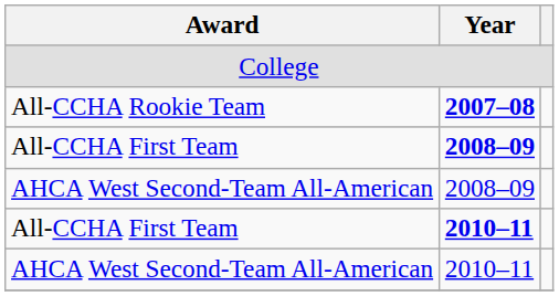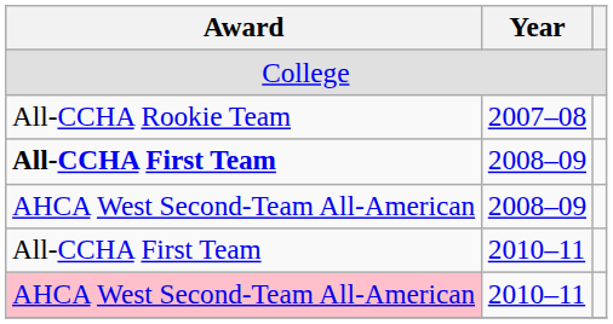 <table class="wikitable">
 <tr>
 <th>Award</th>
 <th>Year</th>
 <th></th>
 </tr>
 <tr ALIGN="center" bgcolor="#e0e0e0">
 <td colspan="3"><a href='#'>College</a></td>
 </tr>
 <tr>
 <td>All-<a href='#'>CCHA</a> <a href='#'>Rookie Team</a></td>
-<td><strong><a href='#'>2007–08</a></strong></td>
+<td><a href='#'>2007–08</a></td>
 <td></td>
 </tr>
 <tr>
-<td>All-<a href='#'>CCHA</a> <a href='#'>First Team</a></td>
-<td><strong><a href='#'>2008–09</a></strong></td>
+<td><strong>All-<a href='#'>CCHA</a> <a href='#'>First Team</a></strong></td>
+<td><a href='#'>2008–09</a></td>
 <td></td>
 </tr>
 <tr>
 <td><a href='#'>AHCA</a> <a href='#'>West Second-Team All-American</a></td>
 <td><a href='#'>2008–09</a></td>
 <td></td>
 </tr>
 <tr>
 <td>All-<a href='#'>CCHA</a> <a href='#'>First Team</a></td>
-<td><strong><a href='#'>2010–11</a></strong></td>
+<td><a href='#'>2010–11</a></td>
 <td></td>
 </tr>
 <tr>
-<td><a href='#'>AHCA</a> <a href='#'>West Second-Team All-American</a></td>
+<td style="background: pink;"><a href='#'>AHCA</a> <a href='#'>West Second-Team All-American</a></td>
 <td><a href='#'>2010–11</a></td>
 <td></td>
 </tr>
 <tr>
 </tr>
 </table>
